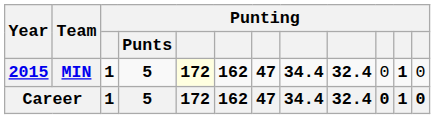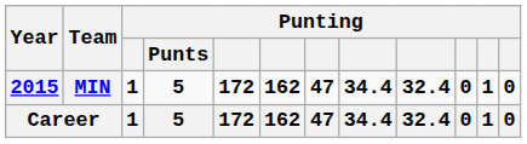 <table class=wikitable style="text-align:center;">
 <tr>
 <th rowspan="2">Year</th>
 <th rowspan="2">Team</th>
 <th colspan="10">Punting</th>
 </tr>
 <tr>
 <th></th>
 <th>Punts</th>
 <th></th>
 <th></th>
 <th></th>
 <th></th>
 <th></th>
 <th></th>
 <th></th>
 <th></th>
 </tr>
 <tr>
 <th><a href='#'>2015</a></th>
 <th><a href='#'>MIN</a></th>
 <td><strong>1</strong></td>
 <td><strong>5</strong></td>
-<td style="background: lightyellow;"><strong>172</strong></td>
+<td><strong>172</strong></td>
 <td><strong>162</strong></td>
 <td><strong>47</strong></td>
 <td><strong>34.4</strong></td>
 <td><strong>32.4</strong></td>
-<td>0</td>
+<td><strong>0</strong></td>
 <td><strong>1</strong></td>
-<td>0</td>
+<td><strong>0</strong></td>
 </tr>
 <tr>
 <th colspan="2">Career</th>
 <th>1</th>
 <th>5</th>
 <th>172</th>
 <th>162</th>
 <th>47</th>
 <th>34.4</th>
 <th>32.4</th>
 <th>0</th>
 <th>1</th>
 <th>0</th>
 </tr>
 </table>
